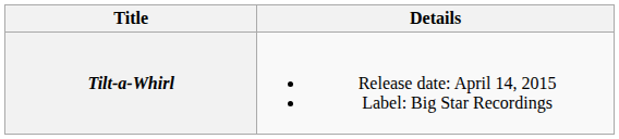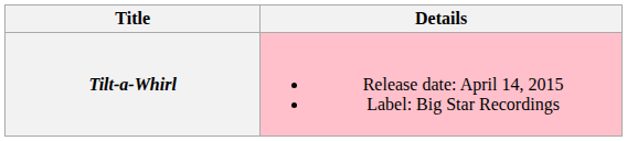 <table class="wikitable plainrowheaders" style="text-align:center;">
 <tr>
 <th style="width:14em;">Title</th>
 <th style="width:20em;">Details</th>
 </tr>
 <tr>
 <th scope="row"><em>Tilt-a-Whirl</em></th>
-<td><br><ul><li>Release date: April 14, 2015</li><li>Label: Big Star Recordings</li></ul></td>
+<td style="background: pink;"><br><ul><li>Release date: April 14, 2015</li><li>Label: Big Star Recordings</li></ul></td>
 </tr>
 </table>
